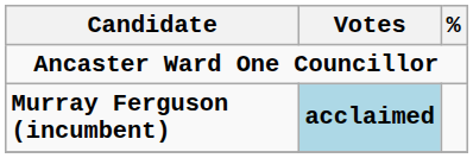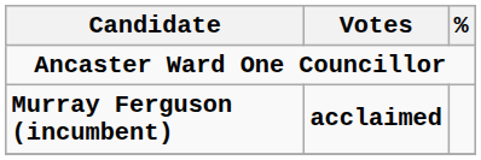 <table class="wikitable" width="40%">
 <tr>
 <th>Candidate</th>
 <th>Votes</th>
 <th>%</th>
 </tr>
 <tr>
 <td colspan="3" align="center"><strong>Ancaster Ward One Councillor</strong></td>
 </tr>
 <tr>
 <td align="left"><strong> Murray Ferguson (incumbent)</strong></td>
-<td align="right" style="background: lightblue;"><strong>acclaimed</strong></td>
+<td align="right"><strong>acclaimed</strong></td>
 <td align="right"></td>
 </tr>
 <tr>
 </tr>
 </table>
